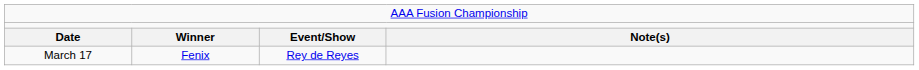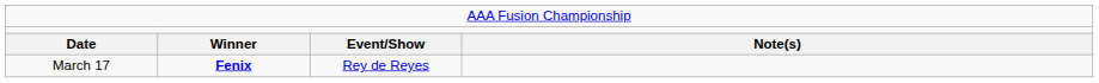 <table class="wikitable" style="text-align:center; width:100%;">
 <tr>
 <td colspan="5"><a href='#'>AAA Fusion Championship</a></td>
 </tr>
 <tr>
 <td colspan="5"><strong></strong></td>
 </tr>
 <tr>
 <th width="14%">Date</th>
 <th width="14%">Winner</th>
 <th width="14%">Event/Show</th>
 <th width="58%">Note(s)</th>
 </tr>
 <tr>
 <td>March 17</td>
-<td><a href='#'>Fenix</a></td>
+<td><strong><a href='#'>Fenix</a></strong></td>
 <td><a href='#'>Rey de Reyes</a></td>
 <td align="left"></td>
 </tr>
 </table>
